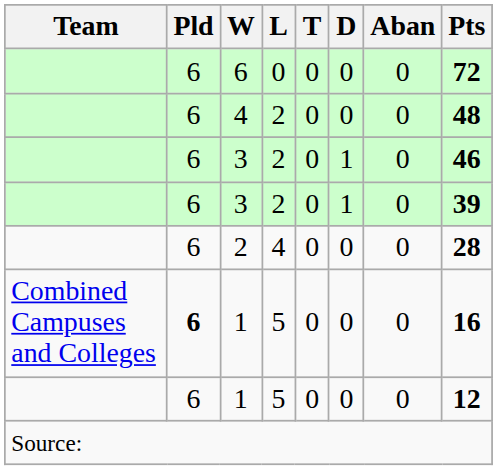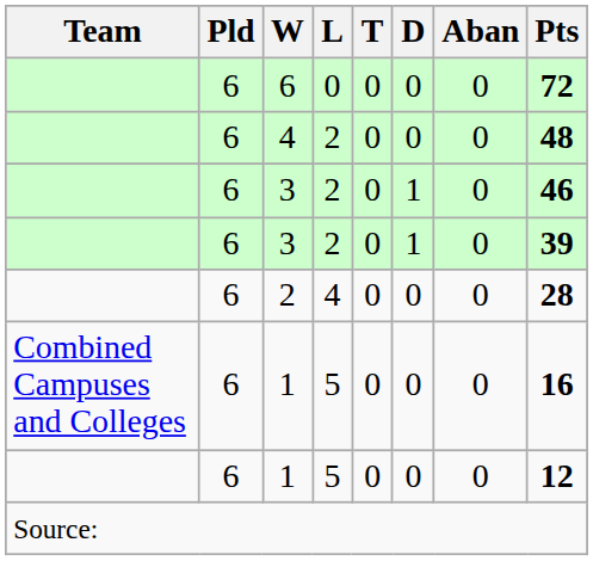 <table class="wikitable" style="text-align: center;" width=45%>
 <tr>
 <th width=205>Team</th>
 <th width=20>Pld</th>
 <th width=20>W</th>
 <th width=20>L</th>
 <th width=20>T</th>
 <th width=20>D</th>
 <th width=20>Aban</th>
 <th width=20>Pts</th>
 </tr>
 <tr style="background:#ccffcc;">
 <td align=left></td>
 <td>6</td>
 <td>6</td>
 <td>0</td>
 <td>0</td>
 <td>0</td>
 <td>0</td>
 <td><strong>72</strong></td>
 </tr>
 <tr style="background:#ccffcc;">
 <td align=left></td>
 <td>6</td>
 <td>4</td>
 <td>2</td>
 <td>0</td>
 <td>0</td>
 <td>0</td>
 <td><strong>48</strong></td>
 </tr>
 <tr style="background:#ccffcc;">
 <td align=left></td>
 <td>6</td>
 <td>3</td>
 <td>2</td>
 <td>0</td>
 <td>1</td>
 <td>0</td>
 <td><strong>46</strong></td>
 </tr>
 <tr style="background:#ccffcc;">
 <td align=left></td>
 <td>6</td>
 <td>3</td>
 <td>2</td>
 <td>0</td>
 <td>1</td>
 <td>0</td>
 <td><strong>39</strong></td>
 </tr>
 <tr>
 <td align=left></td>
 <td>6</td>
 <td>2</td>
 <td>4</td>
 <td>0</td>
 <td>0</td>
 <td>0</td>
 <td><strong>28</strong></td>
 </tr>
 <tr>
 <td align=left> <a href='#'>Combined Campuses and Colleges</a></td>
-<td><strong>6</strong></td>
+<td>6</td>
 <td>1</td>
 <td>5</td>
 <td>0</td>
 <td>0</td>
 <td>0</td>
 <td><strong>16</strong></td>
 </tr>
 <tr>
 <td align=left></td>
 <td>6</td>
 <td>1</td>
 <td>5</td>
 <td>0</td>
 <td>0</td>
 <td>0</td>
 <td><strong>12</strong></td>
 </tr>
 <tr>
 <td align=left colspan="11"><small>Source:</small></td>
 </tr>
 </table>
